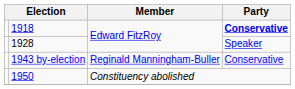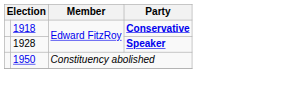 <table class="wikitable">
 <tr>
 <th colspan="2">Election</th>
 <th>Member</th>
 <th>Party</th>
 </tr>
 <tr>
 <td style="color:inherit;background-color: "></td>
 <td><a href='#'>1918</a></td>
 <td rowspan="2"><a href='#'>Edward FitzRoy</a></td>
 <td><strong><a href='#'>Conservative</a></strong></td>
 </tr>
 <tr>
 <td style="color:inherit;background-color: "></td>
 <td>1928</td>
-<td><a href='#'>Speaker</a></td>
-</tr>
-<tr>
-<td style="color:inherit;background-color: "></td>
-<td><a href='#'>1943 by-election</a></td>
-<td><a href='#'>Reginald Manningham-Buller</a></td>
-<td><a href='#'>Conservative</a></td>
+<td><strong><a href='#'>Speaker</a></strong></td>
 </tr>
 <tr>
 <td></td>
 <td><a href='#'>1950</a></td>
 <td colspan="2"><em>Constituency abolished</em></td>
 </tr>
 <tr>
 </tr>
 </table>
